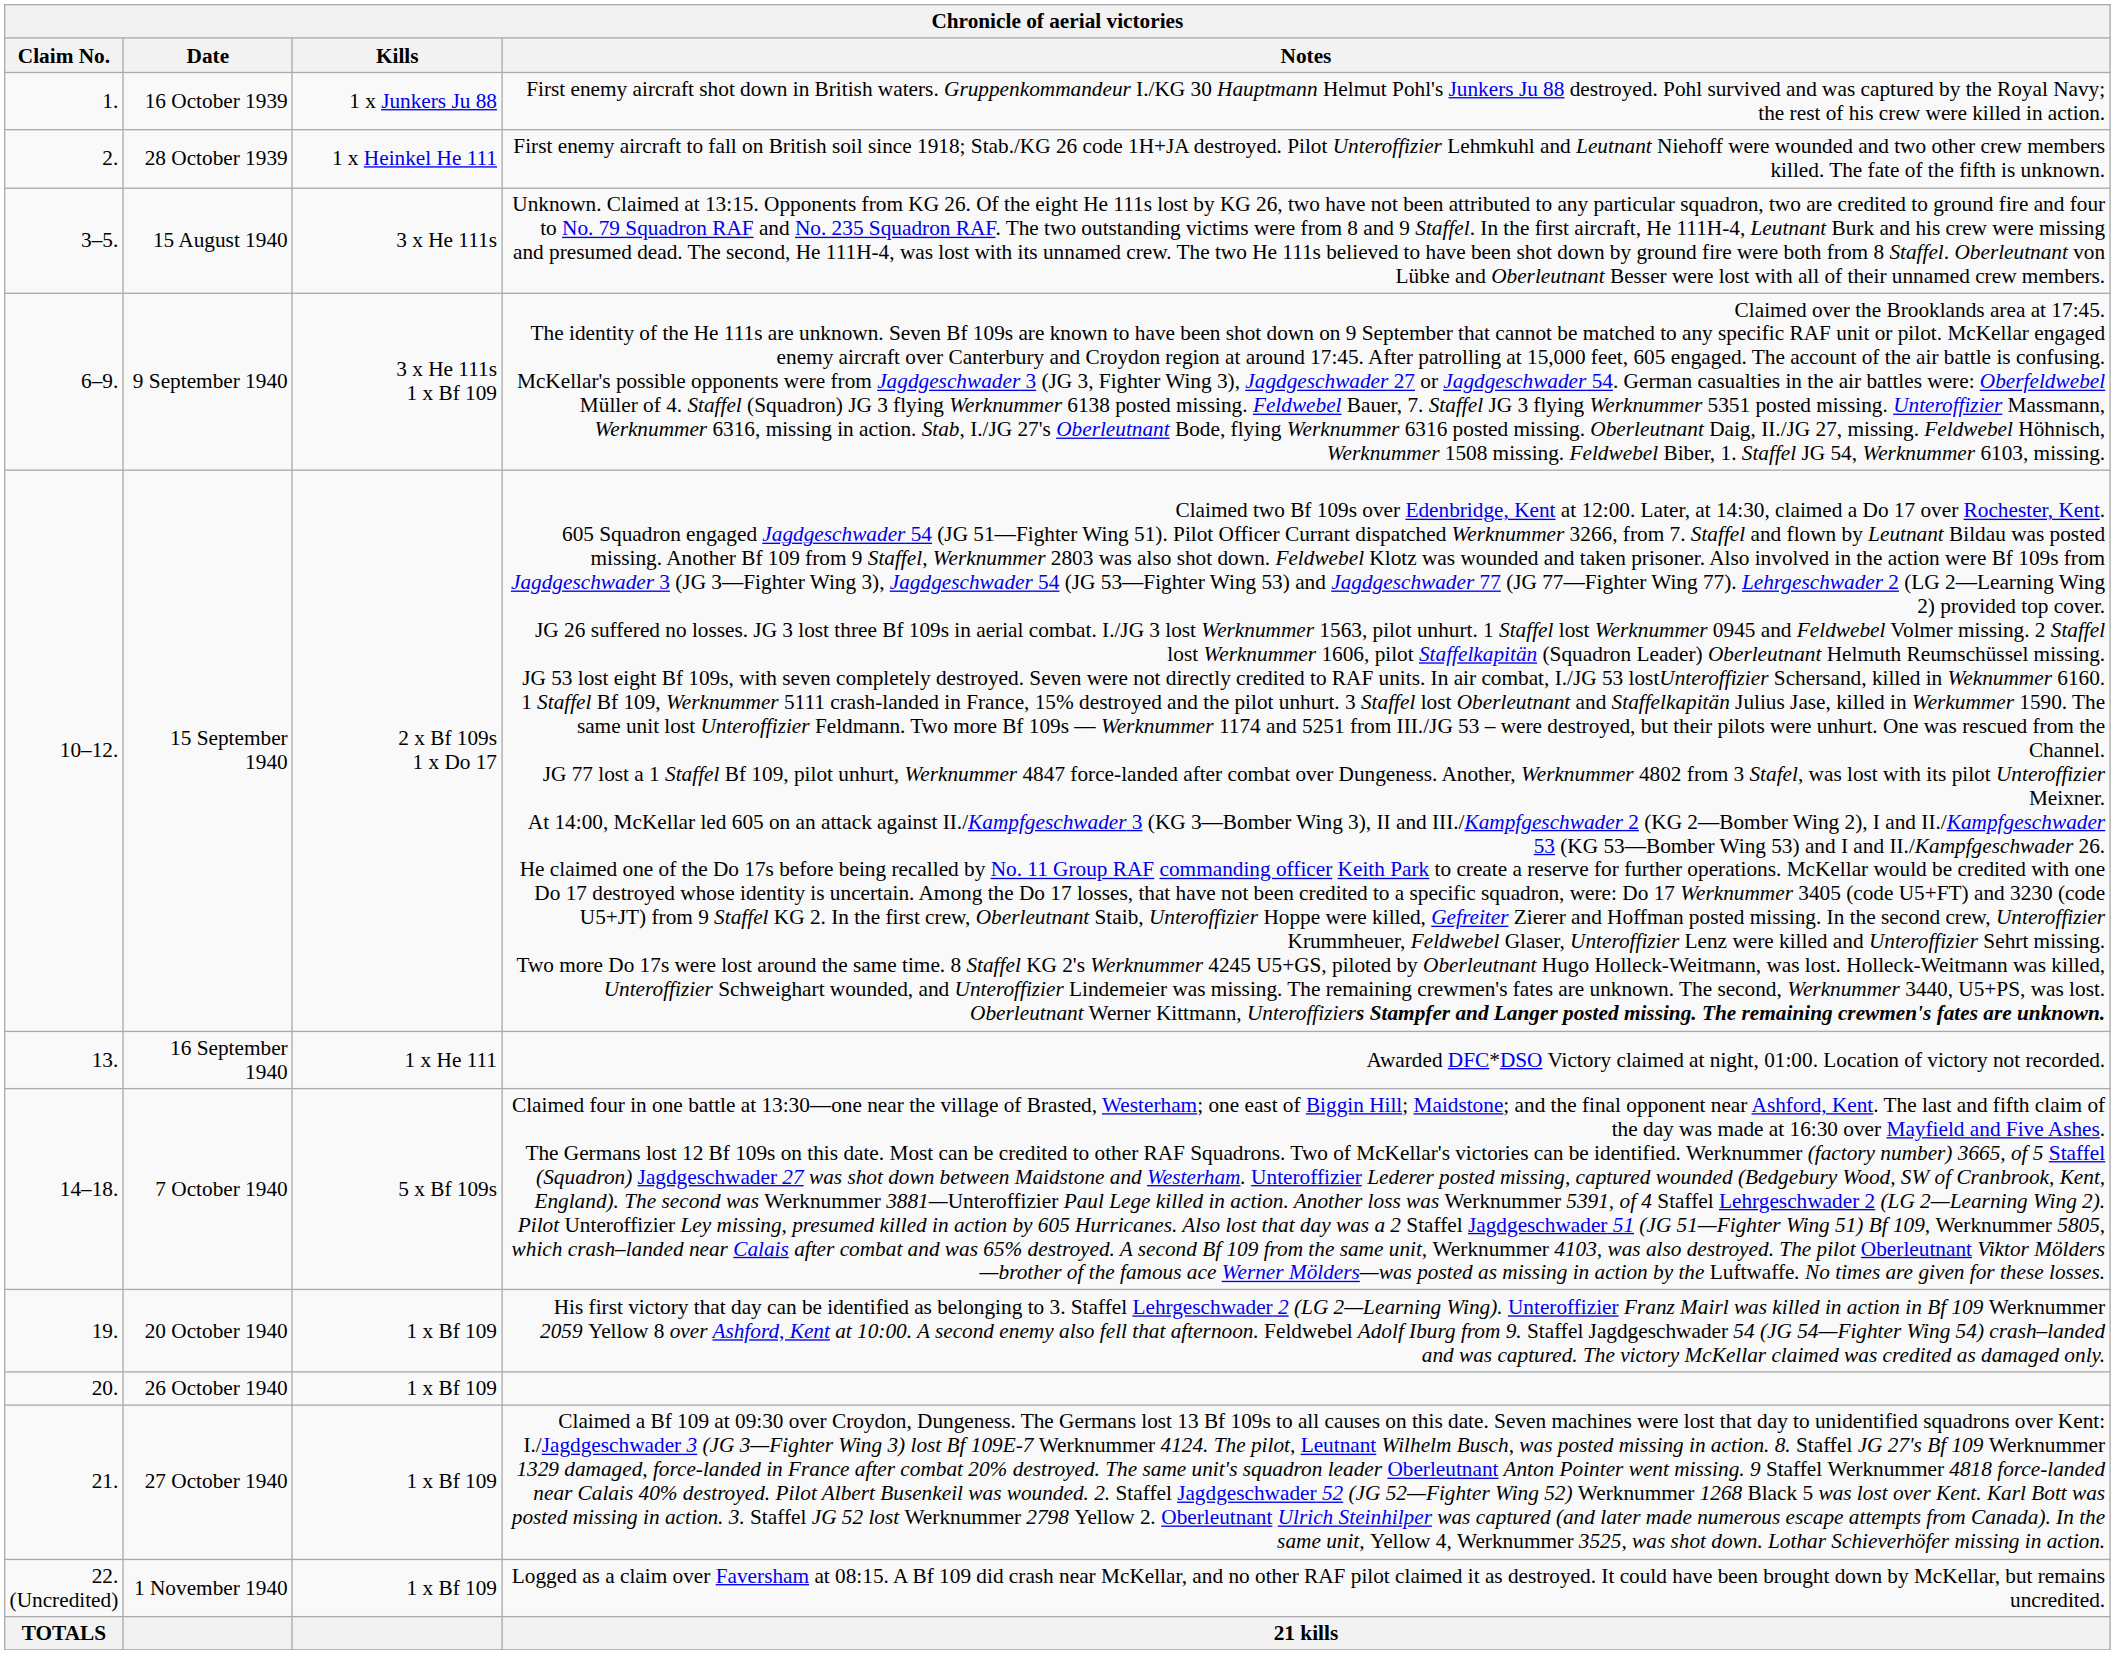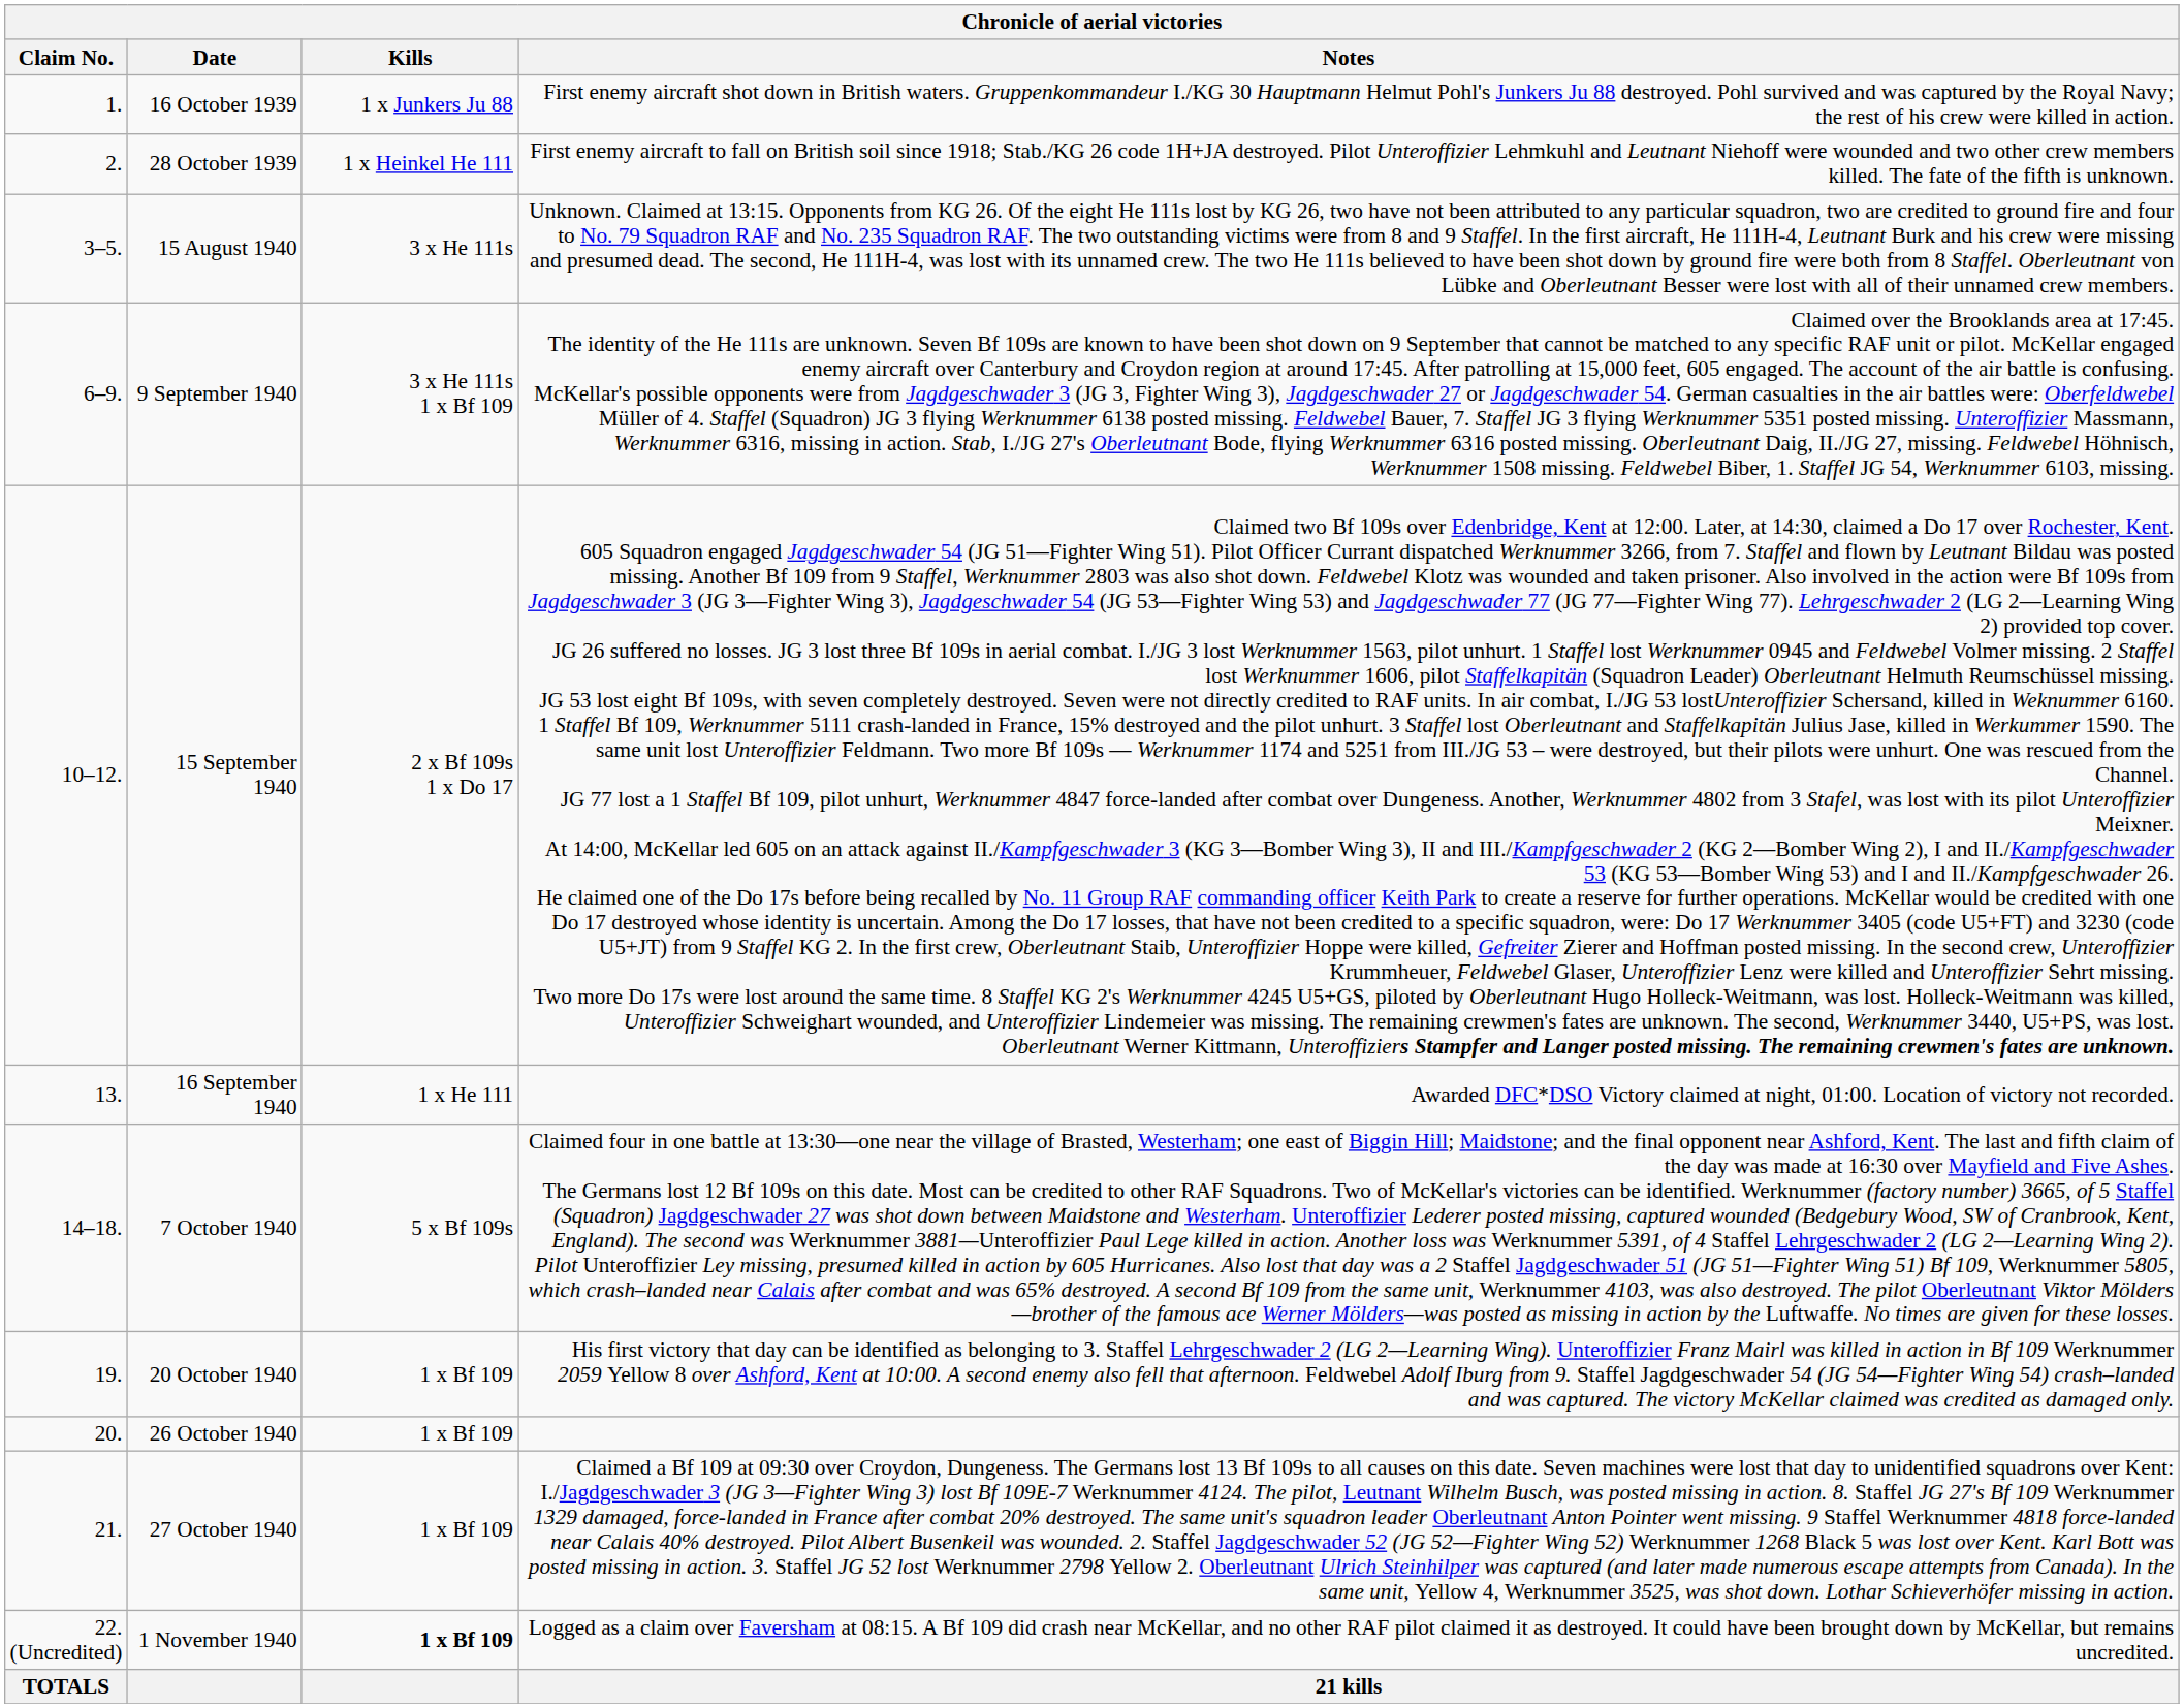 <table class="wikitable plainrowheaders collapsible collapsed" style="margin-left: auto; margin-right: auto; border: none; text-align:right; width: 100%;">
 <tr>
 <th colspan="10">Chronicle of aerial victories</th>
 </tr>
 <tr>
 <th width="20" align=center>Claim No.</th>
 <th width="120" align=center>Date</th>
 <th width="150" align=center>Kills</th>
 <th align=center>Notes</th>
 </tr>
 <tr>
 <td>1.</td>
 <td>16 October 1939</td>
 <td>1 x <a href='#'>Junkers Ju 88</a></td>
 <td>First enemy aircraft shot down in British waters. <em>Gruppenkommandeur</em> I./KG 30 <em>Hauptmann</em> Helmut Pohl's <a href='#'>Junkers Ju 88</a> destroyed. Pohl survived and was captured by the Royal Navy; the rest of his crew were killed in action.</td>
 </tr>
 <tr>
 <td>2.</td>
 <td>28 October 1939</td>
 <td>1 x <a href='#'>Heinkel He 111</a></td>
 <td>First enemy aircraft to fall on British soil since 1918; Stab./KG 26 code 1H+JA destroyed. Pilot <em>Unteroffizier</em> Lehmkuhl and <em>Leutnant</em> Niehoff were wounded and two other crew members killed. The fate of the fifth is unknown.</td>
 </tr>
 <tr>
 <td>3–5.</td>
 <td>15 August 1940</td>
 <td>3 x He 111s</td>
 <td>Unknown. Claimed at 13:15. Opponents from KG 26. Of the eight He 111s lost by KG 26, two have not been attributed to any particular squadron, two are credited to ground fire and four to <a href='#'>No. 79 Squadron RAF</a> and <a href='#'>No. 235 Squadron RAF</a>. The two outstanding victims were from 8 and 9 <em>Staffel</em>. In the first aircraft, He 111H-4, <em>Leutnant</em> Burk and his crew were missing and presumed dead. The second, He 111H-4, was lost with its unnamed crew. The two He 111s believed to have been shot down by ground fire were both from 8 <em>Staffel</em>. <em>Oberleutnant</em> von Lübke and <em>Oberleutnant</em> Besser were lost with all of their unnamed crew members.</td>
 </tr>
 <tr>
 <td>6–9.</td>
 <td>9 September 1940</td>
 <td>3 x He 111s<br>1 x Bf 109</td>
 <td>Claimed over the Brooklands area at 17:45.<br>The identity of the He 111s are unknown. Seven Bf 109s are known to have been shot down on 9 September that cannot be matched to any specific RAF unit or pilot. McKellar engaged enemy aircraft over Canterbury and Croydon region at around 17:45. After patrolling at 15,000 feet, 605 engaged. The account of the air battle is confusing.<br>McKellar's possible opponents were from <a href='#'><em>Jagdgeschwader</em> 3</a> (JG 3, Fighter Wing 3), <a href='#'><em>Jagdgeschwader</em> 27</a> or <a href='#'><em>Jagdgeschwader</em> 54</a>. German casualties in the air battles were: <em><a href='#'>Oberfeldwebel</a></em> Müller of 4. <em>Staffel</em> (Squadron) JG 3 flying <em>Werknummer</em> 6138 posted missing. <em><a href='#'>Feldwebel</a></em> Bauer, 7. <em>Staffel</em> JG 3 flying <em>Werknummer</em> 5351 posted missing. <em><a href='#'>Unteroffizier</a></em> Massmann, <em>Werknummer</em> 6316, missing in action. <em>Stab</em>, I./JG 27's <em><a href='#'>Oberleutnant</a></em> Bode, flying <em>Werknummer</em> 6316 posted missing. <em>Oberleutnant</em> Daig, II./JG 27, missing. <em>Feldwebel</em> Höhnisch, <em>Werknummer</em> 1508 missing. <em>Feldwebel</em> Biber, 1. <em>Staffel</em> JG 54, <em>Werknummer</em> 6103, missing.</td>
 </tr>
 <tr>
 <td>10–12.</td>
 <td>15 September 1940</td>
 <td>2 x Bf 109s<br>1 x Do 17</td>
 <td><br>Claimed two Bf 109s over <a href='#'>Edenbridge, Kent</a> at 12:00. Later, at 14:30, claimed a Do 17 over <a href='#'>Rochester, Kent</a>.<br>605 Squadron engaged <a href='#'><em>Jagdgeschwader</em> 54</a> (JG 51—Fighter Wing 51). Pilot Officer Currant dispatched <em>Werknummer</em> 3266, from 7. <em>Staffel</em> and flown by <em>Leutnant</em> Bildau was posted missing. Another Bf 109 from 9 <em>Staffel</em>, <em>Werknummer</em> 2803 was also shot down. <em>Feldwebel</em> Klotz was wounded and taken prisoner. Also involved in the action were Bf 109s from <a href='#'><em>Jagdgeschwader</em> 3</a> (JG 3—Fighter Wing 3), <a href='#'><em>Jagdgeschwader</em> 54</a> (JG 53—Fighter Wing 53) and <a href='#'><em>Jagdgeschwader</em> 77</a> (JG 77—Fighter Wing 77). <a href='#'><em>Lehrgeschwader</em> 2</a> (LG 2—Learning Wing 2) provided top cover.<br>JG 26 suffered no losses. JG 3 lost three Bf 109s in aerial combat. I./JG 3 lost <em>Werknummer</em> 1563, pilot unhurt. 1 <em>Staffel</em> lost <em>Werknummer</em> 0945 and <em>Feldwebel</em> Volmer missing. 2 <em>Staffel</em> lost <em>Werknummer</em> 1606, pilot <em><a href='#'>Staffelkapitän</a></em> (Squadron Leader) <em>Oberleutnant</em> Helmuth Reumschüssel missing.<br>JG 53 lost eight Bf 109s, with seven completely destroyed. Seven were not directly credited to RAF units. In air combat, I./JG 53 lost<em>Unteroffizier</em> Schersand, killed in <em>Weknummer</em> 6160. 1 <em>Staffel</em> Bf 109, <em>Werknummer</em> 5111 crash-landed in France, 15% destroyed and the pilot unhurt. 3 <em>Staffel</em> lost <em>Oberleutnant</em> and <em>Staffelkapitän</em> Julius Jase, killed in <em>Werkummer</em> 1590. The same unit lost <em>Unteroffizier</em> Feldmann. Two more Bf 109s — <em>Werknummer</em> 1174 and 5251 from III./JG 53 – were destroyed, but their pilots were unhurt. One was rescued from the Channel.<br>JG 77 lost a 1 <em>Staffel</em> Bf 109, pilot unhurt, <em>Werknummer</em> 4847 force-landed after combat over Dungeness. Another, <em>Werknummer</em> 4802 from 3 <em>Stafel</em>, was lost with its pilot <em>Unteroffizier</em> Meixner.<br>At 14:00, McKellar led 605 on an attack against II./<a href='#'><em>Kampfgeschwader</em> 3</a> (KG 3—Bomber Wing 3), II and III./<a href='#'><em>Kampfgeschwader</em> 2</a> (KG 2—Bomber Wing 2), I and II./<a href='#'><em>Kampfgeschwader</em> 53</a> (KG 53—Bomber Wing 53) and I and II./<em>Kampfgeschwader</em> 26.<br>He claimed one of the Do 17s before being recalled by <a href='#'>No. 11 Group RAF</a> <a href='#'>commanding officer</a> <a href='#'>Keith Park</a> to create a reserve for further operations. McKellar would be credited with one Do 17 destroyed whose identity is uncertain. Among the Do 17 losses, that have not been credited to a specific squadron, were: Do 17 <em>Werknummer</em> 3405 (code U5+FT) and 3230 (code U5+JT) from 9 <em>Staffel</em> KG 2. In the first crew, <em>Oberleutnant</em> Staib, <em>Unteroffizier</em> Hoppe were killed, <em><a href='#'>Gefreiter</a></em> Zierer and Hoffman posted missing. In the second crew, <em>Unteroffizier</em> Krummheuer, <em>Feldwebel</em> Glaser, <em>Unteroffizier</em> Lenz were killed and <em>Unteroffizier</em> Sehrt missing.<br>Two more Do 17s were lost around the same time. 8 <em>Staffel</em> KG 2's <em>Werknummer</em> 4245 U5+GS, piloted by <em>Oberleutnant</em> Hugo Holleck-Weitmann, was lost. Holleck-Weitmann was killed, <em>Unteroffizier</em> Schweighart wounded, and <em>Unteroffizier</em> Lindemeier was missing. The remaining crewmen's fates are unknown. The second, <em>Werknummer</em> 3440, U5+PS, was lost. <em>Oberleutnant</em> Werner Kittmann, <em>Unteroffizier<strong>s Stampfer and Langer posted missing. The remaining crewmen's fates are unknown.</td>
 </tr>
 <tr>
 <td>13.</td>
 <td>16 September 1940</td>
 <td>1 x He 111</td>
 <td>Awarded <a href='#'>DFC</a>*<a href='#'>DSO</a> Victory claimed at night, 01:00. Location of victory not recorded.</td>
 </tr>
 <tr>
 <td>14–18.</td>
 <td>7 October 1940</td>
 <td>5 x Bf 109s</td>
 <td>Claimed four in one battle at 13:30—one near the village of Brasted, <a href='#'>Westerham</a>; one east of <a href='#'>Biggin Hill</a>; <a href='#'>Maidstone</a>; and the final opponent near <a href='#'>Ashford, Kent</a>. The last and fifth claim of the day was made at 16:30 over <a href='#'>Mayfield and Five Ashes</a>.<br>The Germans lost 12 Bf 109s on this date. Most can be credited to other RAF Squadrons. Two of McKellar's victories can be identified. </em>Werknummer<em> (factory number) 3665, of 5 </em><a href='#'>Staffel</a><em> (Squadron) <a href='#'></em>Jagdgeschwader<em> 27</a> was shot down between Maidstone and <a href='#'>Westerham</a>. </em><a href='#'>Unteroffizier</a><em> Lederer posted missing, captured wounded (Bedgebury Wood, SW of Cranbrook, Kent, England). The second was </em>Werknummer<em> 3881—</em>Unteroffizier<em> Paul Lege killed in action. Another loss was </em>Werknummer<em> 5391, of 4 </em>Staffel<em> </em><a href='#'>Lehrgeschwader 2</a><em> (LG 2—Learning Wing 2). Pilot </em>Unteroffizier<em> Ley missing, presumed killed in action by 605 Hurricanes. Also lost that day was a 2 </em>Staffel<em> <a href='#'></em>Jagdgeschwader<em> 51</a> (JG 51—Fighter Wing 51) Bf 109, </em>Werknummer<em> 5805, which crash–landed near <a href='#'>Calais</a> after combat and was 65% destroyed. A second Bf 109 from the same unit, </em>Werknummer<em> 4103, was also destroyed. The pilot </em><a href='#'>Oberleutnant</a><em> Viktor Mölders—brother of the famous ace <a href='#'>Werner Mölders</a>—was posted as missing in action by the </em>Luftwaffe<em>. No times are given for these losses.</td>
 </tr>
 <tr>
 <td>19.</td>
 <td>20 October 1940</td>
 <td>1 x Bf 109</td>
 <td>His first victory that day can be identified as belonging to 3. </em>Staffel<em> <a href='#'></em>Lehrgeschwader<em> 2</a> (LG 2—Learning Wing). </em><a href='#'>Unteroffizier</a><em> Franz Mairl was killed in action in Bf 109 </em>Werknummer<em> 2059 </em>Yellow 8<em> over <a href='#'>Ashford, Kent</a> at 10:00. A second enemy also fell that afternoon. </em>Feldwebel<em> Adolf Iburg from 9. </em>Staffel<em> </em>Jagdgeschwader<em> 54 (JG 54—Fighter Wing 54) crash–landed and was captured. The victory McKellar claimed was credited as damaged only.</td>
 </tr>
 <tr>
 <td>20.</td>
 <td>26 October 1940</td>
 <td>1 x Bf 109</td>
 <td></td>
 </tr>
 <tr>
 <td>21.</td>
 <td>27 October 1940</td>
 <td>1 x Bf 109</td>
 <td>Claimed a Bf 109 at 09:30 over Croydon, Dungeness. The Germans lost 13 Bf 109s to all causes on this date. Seven machines were lost that day to unidentified squadrons over Kent: I./<a href='#'></em>Jagdgeschwader<em> 3</a> (JG 3—Fighter Wing 3) lost Bf 109E-7 </em>Werknummer<em> 4124. The pilot, </em><a href='#'>Leutnant</a><em> Wilhelm Busch, was posted missing in action. 8. </em>Staffel<em> JG 27's Bf 109 </em>Werknummer<em> 1329 damaged, force-landed in France after combat 20% destroyed. The same unit's squadron leader </em><a href='#'>Oberleutnant</a><em> Anton Pointer went missing. 9 </em>Staffel<em> </em>Werknummer<em> 4818 force-landed near Calais 40% destroyed. Pilot Albert Busenkeil was wounded. 2. </em>Staffel<em> <a href='#'></em>Jagdgeschwader<em> 52</a> (JG 52—Fighter Wing 52) </em>Werknummer<em> 1268 </em>Black 5<em> was lost over Kent. Karl Bott was posted missing in action. 3. </em>Staffel<em> JG 52 lost </em>Werknummer<em> 2798 </em>Yellow 2<em>. </em><a href='#'>Oberleutnant</a><em> <a href='#'>Ulrich Steinhilper</a> was captured (and later made numerous escape attempts from Canada). In the same unit, </em>Yellow 4<em>, </em>Werknummer<em> 3525, was shot down. Lothar Schieverhöfer missing in action.</td>
 </tr>
 <tr>
 <td>22. (Uncredited)</td>
 <td>1 November 1940</td>
-<td>1 x Bf 109</td>
+<td><strong>1 x Bf 109</strong></td>
 <td>Logged as a claim over <a href='#'>Faversham</a> at 08:15. A Bf 109 did crash near McKellar, and no other RAF pilot claimed it as destroyed. It could have been brought down by McKellar, but remains uncredited.</td>
 </tr>
 <tr>
 <th align=center>TOTALS</th>
 <th></th>
 <th></th>
 <th>21 kills</th>
 </tr>
 <tr>
 </tr>
 </table>
